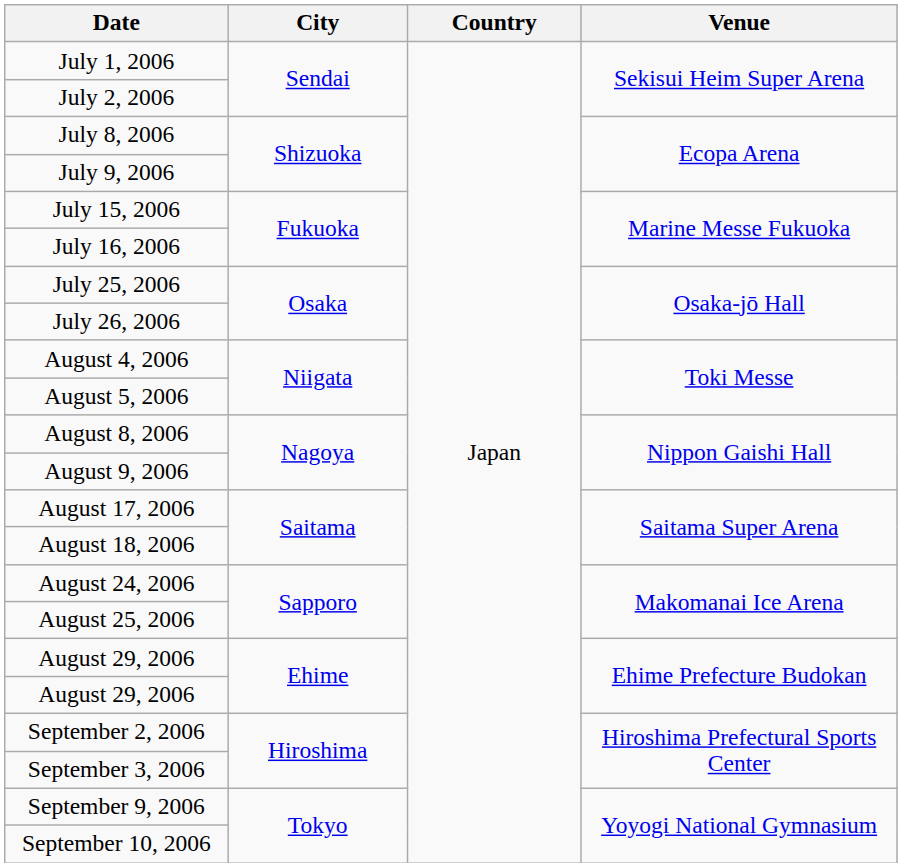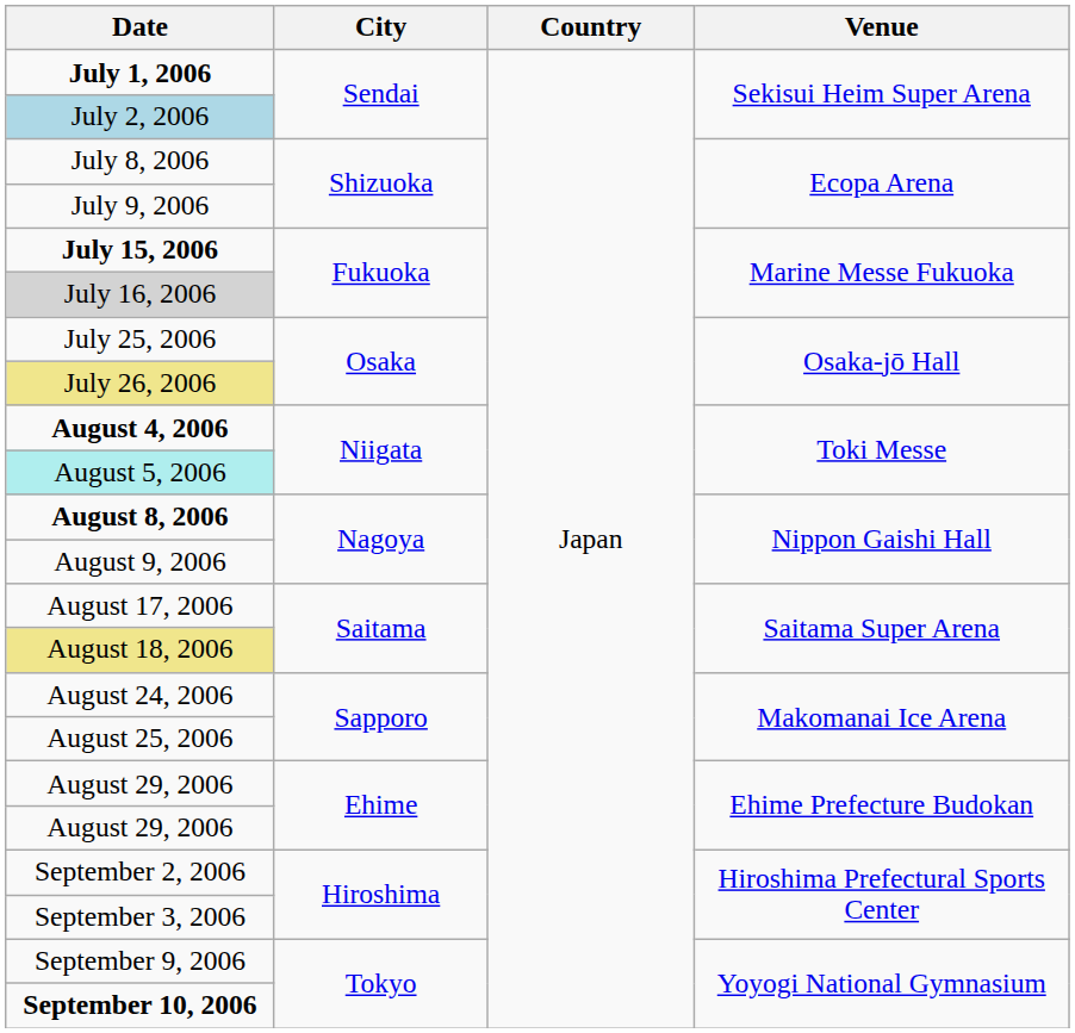 <table class="wikitable" style="text-align:center;">
 <tr>
 <th scope="col" style="width:12em;">Date</th>
 <th scope="col" style="width:9em;">City</th>
 <th scope="col" style="width:9em;">Country</th>
 <th scope="col" style="width:18em;">Venue</th>
 </tr>
 <tr>
-<td>July 1, 2006</td>
+<td><strong>July 1, 2006</strong></td>
 <td rowspan="2"><a href='#'>Sendai</a></td>
 <td rowspan="22">Japan</td>
 <td rowspan="2"><a href='#'>Sekisui Heim Super Arena</a></td>
 </tr>
 <tr>
-<td>July 2, 2006</td>
+<td style="background: lightblue;">July 2, 2006</td>
 </tr>
 <tr>
 <td>July 8, 2006</td>
 <td rowspan="2"><a href='#'>Shizuoka</a></td>
 <td rowspan="2"><a href='#'>Ecopa Arena</a></td>
 </tr>
 <tr>
 <td>July 9, 2006</td>
 </tr>
 <tr>
-<td>July 15, 2006</td>
+<td><strong>July 15, 2006</strong></td>
 <td rowspan="2"><a href='#'>Fukuoka</a></td>
 <td rowspan="2"><a href='#'>Marine Messe Fukuoka</a></td>
 </tr>
 <tr>
-<td>July 16, 2006</td>
+<td style="background: lightgrey;">July 16, 2006</td>
 </tr>
 <tr>
 <td>July 25, 2006</td>
 <td rowspan="2"><a href='#'>Osaka</a></td>
 <td rowspan="2"><a href='#'>Osaka-jō Hall</a></td>
 </tr>
 <tr>
-<td>July 26, 2006</td>
+<td style="background: khaki;">July 26, 2006</td>
 </tr>
 <tr>
-<td>August 4, 2006</td>
+<td><strong>August 4, 2006</strong></td>
 <td rowspan="2"><a href='#'>Niigata</a></td>
 <td rowspan="2"><a href='#'>Toki Messe</a></td>
 </tr>
 <tr>
-<td>August 5, 2006</td>
+<td style="background: paleturquoise;">August 5, 2006</td>
 </tr>
 <tr>
-<td>August 8, 2006</td>
+<td><strong>August 8, 2006</strong></td>
 <td rowspan="2"><a href='#'>Nagoya</a></td>
 <td rowspan="2"><a href='#'>Nippon Gaishi Hall</a></td>
 </tr>
 <tr>
 <td>August 9, 2006</td>
 </tr>
 <tr>
 <td>August 17, 2006</td>
 <td rowspan="2"><a href='#'>Saitama</a></td>
 <td rowspan="2"><a href='#'>Saitama Super Arena</a></td>
 </tr>
 <tr>
-<td>August 18, 2006</td>
+<td style="background: khaki;">August 18, 2006</td>
 </tr>
 <tr>
 <td>August 24, 2006</td>
 <td rowspan="2"><a href='#'>Sapporo</a></td>
 <td rowspan="2"><a href='#'>Makomanai Ice Arena</a></td>
 </tr>
 <tr>
 <td>August 25, 2006</td>
 </tr>
 <tr>
 <td>August 29, 2006</td>
 <td rowspan="2"><a href='#'>Ehime</a></td>
 <td rowspan="2"><a href='#'>Ehime Prefecture Budokan</a></td>
 </tr>
 <tr>
 <td>August 29, 2006</td>
 </tr>
 <tr>
 <td>September 2, 2006</td>
 <td rowspan="2"><a href='#'>Hiroshima</a></td>
 <td rowspan="2"><a href='#'>Hiroshima Prefectural Sports Center</a></td>
 </tr>
 <tr>
 <td>September 3, 2006</td>
 </tr>
 <tr>
 <td>September 9, 2006</td>
 <td rowspan="2"><a href='#'>Tokyo</a></td>
 <td rowspan="2"><a href='#'>Yoyogi National Gymnasium</a></td>
 </tr>
 <tr>
-<td>September 10, 2006</td>
+<td><strong>September 10, 2006</strong></td>
 </tr>
 </table>
